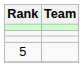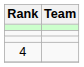 <table class="wikitable">
 <tr>
 <th>Rank</th>
 <th>Team</th>
 </tr>
 <tr bgcolor=#ccffcc>
 <td align=center></td>
 <td></td>
 </tr>
 <tr>
 <td align=center></td>
 <td></td>
 </tr>
 <tr>
 <td align=center></td>
 <td></td>
 </tr>
 <tr>
-<td align=center>5</td>
+<td align=center>4</td>
 <td></td>
 </tr>
 <tr>
 </tr>
 </table>
